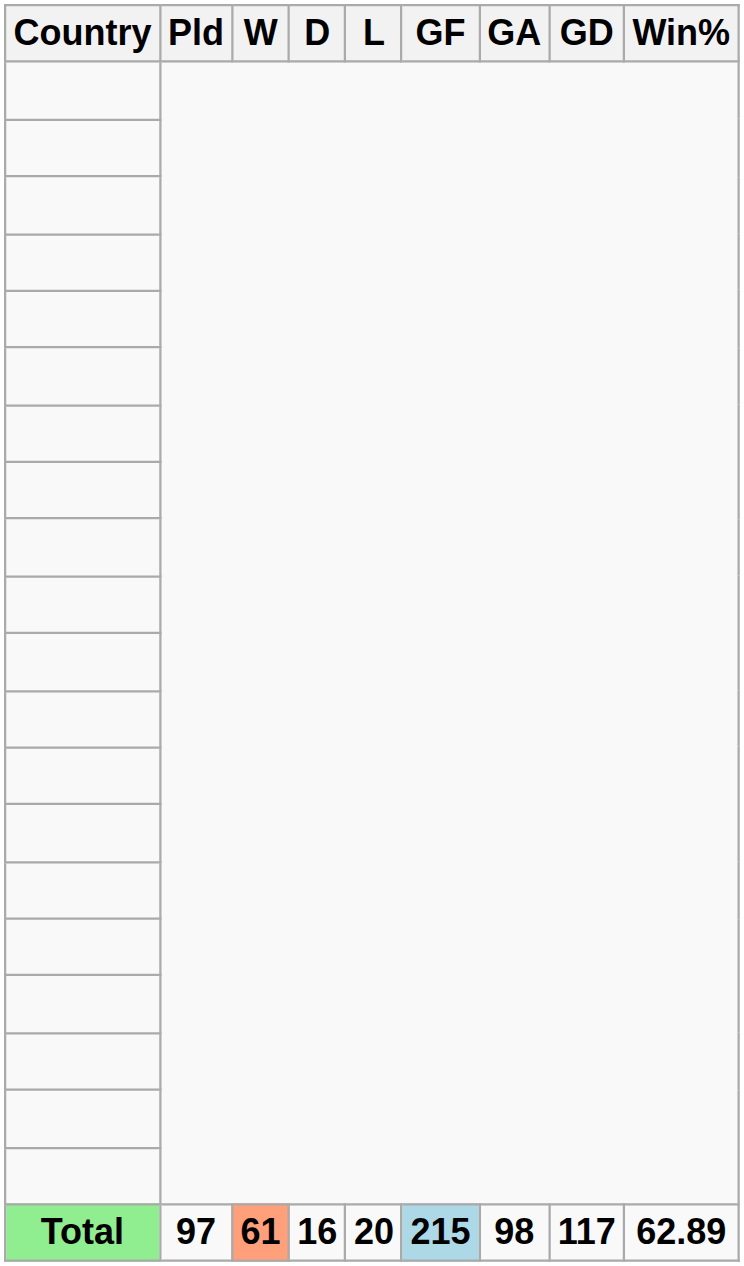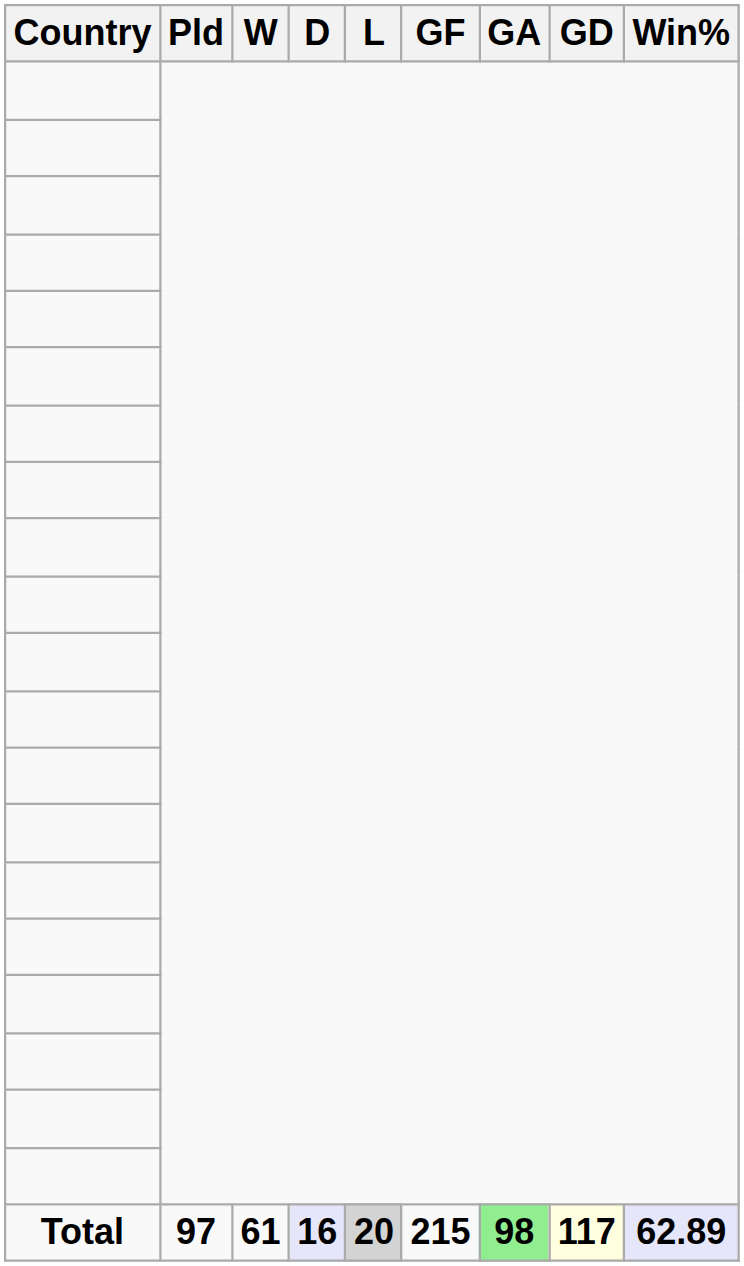 <table class="wikitable sortable" style="text-align:center">
 <tr>
 <th>Country</th>
 <th>Pld</th>
 <th>W</th>
 <th>D</th>
 <th>L</th>
 <th>GF</th>
 <th>GA</th>
 <th>GD</th>
 <th>Win%</th>
 </tr>
 <tr>
 <td align=left><br></td>
 </tr>
 <tr>
 <td align=left><br></td>
 </tr>
 <tr>
 <td align=left><br></td>
 </tr>
 <tr>
 <td align=left><br></td>
 </tr>
 <tr>
 <td align=left><br></td>
 </tr>
 <tr>
 <td align=left><br></td>
 </tr>
 <tr>
 <td align=left><br></td>
 </tr>
 <tr>
 <td align=left><br></td>
 </tr>
 <tr>
 <td align=left><br></td>
 </tr>
 <tr>
 <td align=left><br></td>
 </tr>
 <tr>
 <td align=left><br></td>
 </tr>
 <tr>
 <td align=left><br></td>
 </tr>
 <tr>
 <td align=left><br></td>
 </tr>
 <tr>
 <td align=left><br></td>
 </tr>
 <tr>
 <td align=left><br></td>
 </tr>
 <tr>
 <td align=left><br></td>
 </tr>
 <tr>
 <td align=left><br></td>
 </tr>
 <tr>
 <td align=left><br></td>
 </tr>
 <tr>
 <td align=left><br></td>
 </tr>
 <tr>
 <td align=left><br></td>
 </tr>
 <tr class="sortbottom">
-<td style="background: lightgreen;"><strong>Total</strong></td>
+<td><strong>Total</strong></td>
 <td><strong>97</strong></td>
-<td style="background: lightsalmon;"><strong>61</strong></td>
-<td><strong>16</strong></td>
-<td><strong>20</strong></td>
-<td style="background: lightblue;"><strong>215</strong></td>
-<td><strong>98</strong></td>
-<td><strong>117</strong></td>
-<td><strong>62.89</strong></td>
+<td><strong>61</strong></td>
+<td style="background: lavender;"><strong>16</strong></td>
+<td style="background: lightgrey;"><strong>20</strong></td>
+<td><strong>215</strong></td>
+<td style="background: lightgreen;"><strong>98</strong></td>
+<td style="background: lightyellow;"><strong>117</strong></td>
+<td style="background: lavender;"><strong>62.89</strong></td>
 </tr>
 </table>
